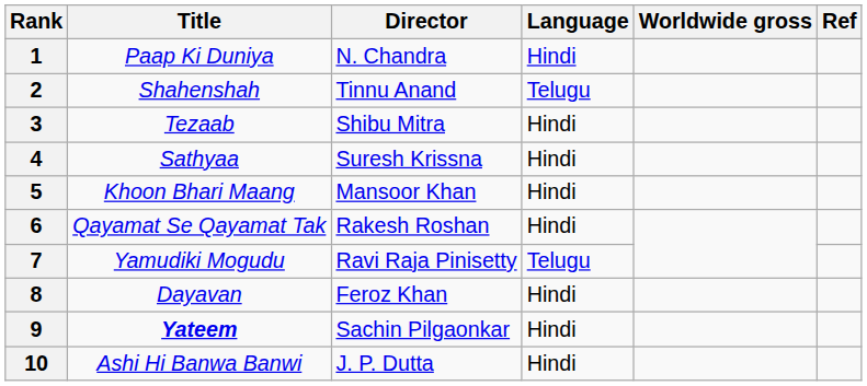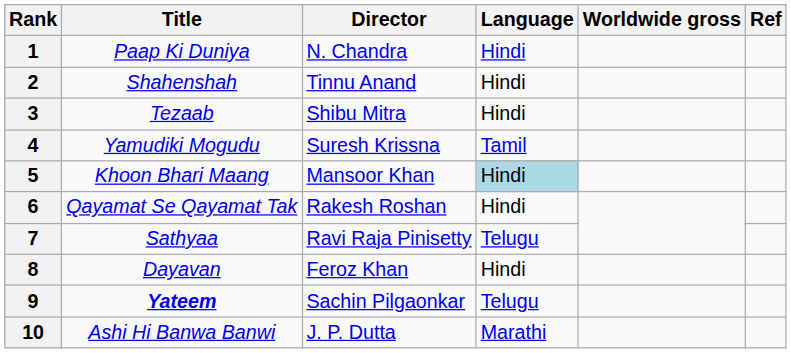 <table class="wikitable sortable" style=" margin:auto;">
 <tr>
 <th>Rank</th>
 <th>Title</th>
 <th>Director</th>
 <th>Language</th>
 <th>Worldwide gross</th>
 <th>Ref</th>
 </tr>
 <tr>
 <th style="text-align:center;">1</th>
 <td style="text-align:center;"><em><a href='#'>Paap Ki Duniya</a></em></td>
 <td><a href='#'>N. Chandra</a></td>
 <td><a href='#'>Hindi</a></td>
 <td></td>
 <td></td>
 </tr>
 <tr>
 <th style="textalign:centre;">2</th>
 <td style="text-align:center;"><em><a href='#'>Shahenshah</a></em></td>
 <td><a href='#'>Tinnu Anand</a></td>
-<td><a href='#'>Telugu</a></td>
+<td>Hindi</td>
 <td></td>
 <td></td>
 </tr>
 <tr>
 <th style="textalign:centre;">3</th>
 <td style="text-align:center;"><em><a href='#'>Tezaab</a></em></td>
 <td><a href='#'>Shibu Mitra</a></td>
 <td>Hindi</td>
 <td></td>
 <td></td>
 </tr>
 <tr>
 <th style="textalign:center;">4</th>
-<td style="text-align:center; "><em><a href='#'>Sathyaa</a></em></td>
+<td style="text-align:center; "><em><a href='#'>Yamudiki Mogudu</a></em></td>
 <td><a href='#'>Suresh Krissna</a></td>
-<td>Hindi</td>
+<td><a href='#'>Tamil</a></td>
 <td></td>
 <td></td>
 </tr>
 <tr>
 <th style="text-align:center;">5</th>
 <td style="text-align:center;"><em><a href='#'>Khoon Bhari Maang</a></em></td>
 <td><a href='#'>Mansoor Khan</a></td>
-<td>Hindi</td>
+<td style="background: lightblue;">Hindi</td>
 <td></td>
 <td></td>
 </tr>
 <tr>
 <th style="text-align:center;">6</th>
 <td style="text-align:center;"><em><a href='#'>Qayamat Se Qayamat Tak</a></em></td>
 <td><a href='#'>Rakesh Roshan</a></td>
 <td>Hindi</td>
 <td rowspan="2"></td>
 <td></td>
 </tr>
 <tr>
 <th style="textalign:centre;">7</th>
-<td style="text-align:center; "><em><a href='#'>Yamudiki Mogudu</a></em></td>
+<td style="text-align:center; "><em><a href='#'>Sathyaa</a></em></td>
 <td><a href='#'>Ravi Raja Pinisetty</a></td>
 <td><a href='#'>Telugu</a></td>
 <td></td>
 </tr>
 <tr>
 <th style="textalign:centre;">8</th>
 <td style="text-align:center;"><em><a href='#'>Dayavan</a></em></td>
 <td><a href='#'>Feroz Khan</a></td>
 <td>Hindi</td>
 <td></td>
 <td></td>
 </tr>
 <tr>
 <th style="textalign:centre;">9</th>
 <td style="text-align:center;"><strong><em><a href='#'>Yateem</a></em></strong></td>
 <td><a href='#'>Sachin Pilgaonkar</a></td>
-<td>Hindi</td>
+<td><a href='#'>Telugu</a></td>
 <td></td>
 <td></td>
 </tr>
 <tr>
 <th style="textalign:centre;">10</th>
 <td style="text-align:center;"><em><a href='#'>Ashi Hi Banwa Banwi</a></em></td>
 <td><a href='#'>J. P. Dutta</a></td>
-<td>Hindi</td>
+<td><a href='#'>Marathi</a></td>
 <td></td>
 <td></td>
 </tr>
 </table>
